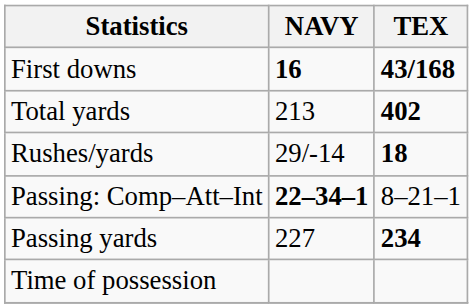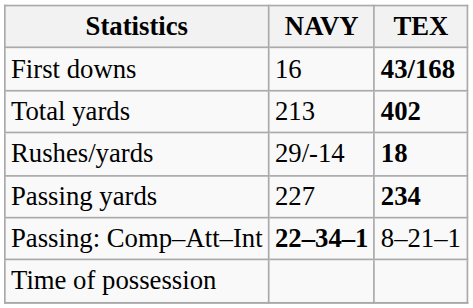 <table class="wikitable" style="float: left;">
 <tr>
 <th>Statistics</th>
 <th>NAVY</th>
 <th>TEX</th>
 </tr>
 <tr>
 <td>First downs</td>
-<td><strong>16</strong></td>
+<td>16</td>
 <td><strong>43/168</strong></td>
 </tr>
 <tr>
 <td>Total yards</td>
 <td>213</td>
 <td><strong>402</strong></td>
 </tr>
 <tr>
 <td>Rushes/yards</td>
 <td>29/-14</td>
 <td><strong>18</strong></td>
 </tr>
 <tr>
+<td>Passing yards</td>
+<td>227</td>
+<td><strong>234</strong></td>
+</tr>
+<tr>
 <td>Passing: Comp–Att–Int</td>
 <td><strong>22–34–1</strong></td>
 <td>8–21–1</td>
-</tr>
-<tr>
-<td>Passing yards</td>
-<td>227</td>
-<td><strong>234</strong></td>
 </tr>
 <tr>
 <td>Time of possession</td>
 <td></td>
 <td></td>
 </tr>
 <tr>
 </tr>
 </table>
